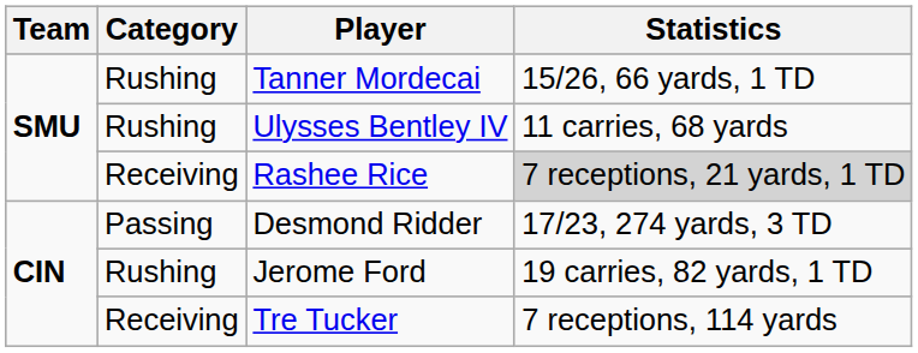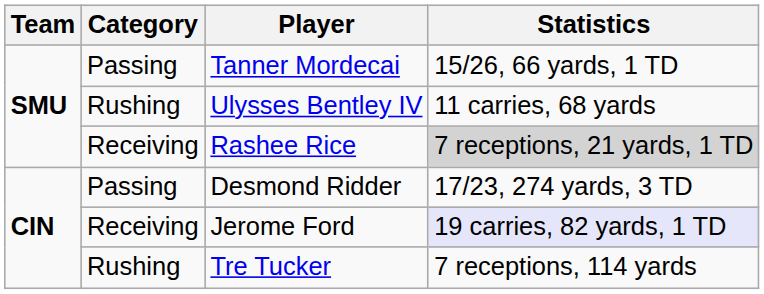 <table class="wikitable" style="float: left;">
 <tr>
 <th>Team</th>
 <th>Category</th>
 <th>Player</th>
 <th>Statistics</th>
 </tr>
 <tr>
 <td rowspan=3><strong>SMU</strong></td>
-<td>Rushing</td>
+<td>Passing</td>
 <td><a href='#'>Tanner Mordecai</a></td>
 <td>15/26, 66 yards, 1 TD</td>
 </tr>
 <tr>
 <td>Rushing</td>
 <td><a href='#'>Ulysses Bentley IV</a></td>
 <td>11 carries, 68 yards</td>
 </tr>
 <tr>
 <td>Receiving</td>
 <td><a href='#'>Rashee Rice</a></td>
 <td style="background: lightgrey;">7 receptions, 21 yards, 1 TD</td>
 </tr>
 <tr>
 <td rowspan=3><strong>CIN</strong></td>
 <td>Passing</td>
 <td>Desmond Ridder</td>
 <td>17/23, 274 yards, 3 TD</td>
 </tr>
 <tr>
-<td>Rushing</td>
+<td>Receiving</td>
 <td>Jerome Ford</td>
-<td>19 carries, 82 yards, 1 TD</td>
+<td style="background: lavender;">19 carries, 82 yards, 1 TD</td>
 </tr>
 <tr>
-<td>Receiving</td>
+<td>Rushing</td>
 <td><a href='#'>Tre Tucker</a></td>
 <td>7 receptions, 114 yards</td>
 </tr>
 </table>
